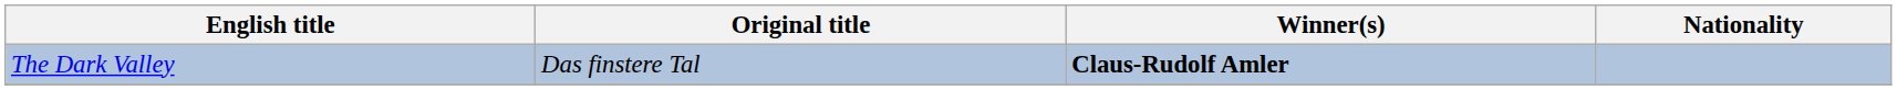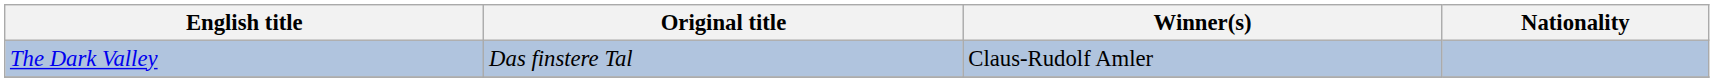 <table class="wikitable" width="95%" cellpadding="5">
 <tr>
 <th width="18%">English title</th>
 <th width="18%">Original title</th>
 <th width="18%">Winner(s)</th>
 <th width="10%">Nationality</th>
 </tr>
 <tr style="background:#B0C4DE;">
 <td><em><a href='#'>The Dark Valley</a></em></td>
 <td><em>Das finstere Tal</em></td>
-<td><strong>Claus-Rudolf Amler</strong></td>
+<td>Claus-Rudolf Amler</td>
 <td></td>
 </tr>
 <tr>
 </tr>
 </table>
